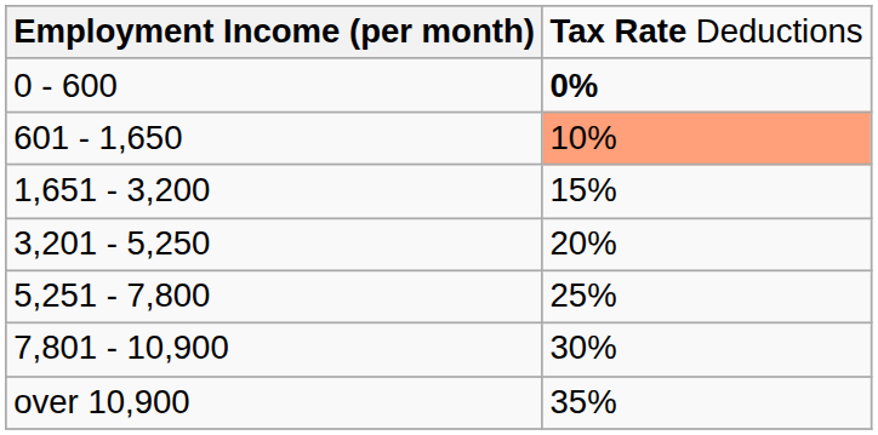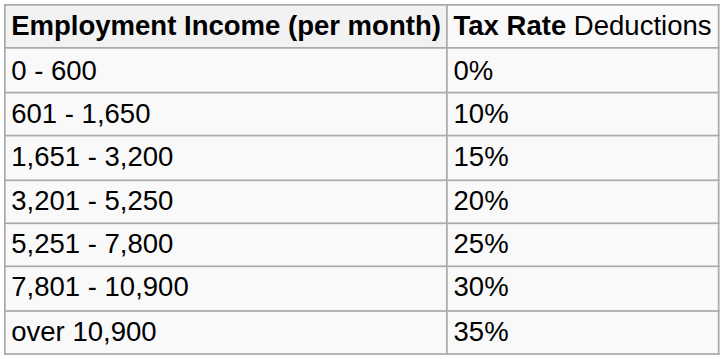 <table class="wikitable sortable mw-collapsible">
 <tr>
 <th><strong>Employment Income (per month)</strong></th>
 <td><strong>Tax Rate</strong>    Deductions</td>
 </tr>
 <tr>
 <td>0 - 600</td>
-<td><strong>0%</strong></td>
+<td>0%</td>
 </tr>
 <tr 0>
 <td>601 - 1,650</td>
-<td style="background: lightsalmon;">10%</td>
+<td>10%</td>
 </tr>
 <tr 60>
 <td>1,651 - 3,200</td>
 <td>15%</td>
 </tr>
 <tr 142.5>
 <td>3,201 - 5,250</td>
 <td>20%</td>
 </tr>
 <tr 302.5>
 <td>5,251 - 7,800</td>
 <td>25%</td>
 </tr>
 <tr 565>
 <td>7,801 - 10,900</td>
 <td>30%</td>
 </tr>
 <tr 965>
 <td>over 10,900</td>
 <td>35%</td>
 </tr>
 </table>
